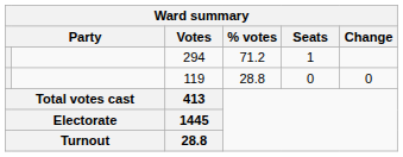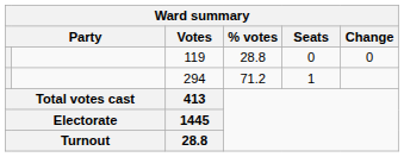 <table class="wikitable" style="font-size: 95%;">
 <tr style="background-color:#E9E9E9">
 <th colspan="6">Ward summary</th>
 </tr>
 <tr style="background-color:#E9E9E9">
 <th colspan="2">Party</th>
 <th style="width: 60px">Votes</th>
 <th style="width: 60px">% votes</th>
 <th style="width: 60px">Seats</th>
 <th style="width: 60px">Change</th>
 </tr>
 <tr>
 <th style="background-color: "></th>
 <td style="width: 170px"><a href='#'></a></td>
+<td align="center">119</td>
+<td align="center">28.8</td>
+<td align="center">0</td>
+<td align="center">0</td>
+</tr>
+<tr>
+<th style="background-color: "></th>
+<td style="width: 170px"><a href='#'></a></td>
 <td align="center">294</td>
 <td align="center">71.2</td>
 <td align="center">1</td>
 <td align="center"></td>
-</tr>
-<tr>
-<th style="background-color: "></th>
-<td style="width: 170px"><a href='#'></a></td>
-<td align="center">119</td>
-<td align="center">28.8</td>
-<td align="center">0</td>
-<td align="center">0</td>
 </tr>
 <tr style="background-color:#E9E9E9">
 <th colspan="2">Total votes cast</th>
 <th style="width: 60px">413</th>
 </tr>
 <tr style="background-color:#E9E9E9">
 <th colspan="2">Electorate</th>
 <th style="width: 60px">1445</th>
 </tr>
 <tr style="background-color:#E9E9E9">
 <th colspan="2">Turnout</th>
 <th style="width: 60px">28.8</th>
 </tr>
 </table>
